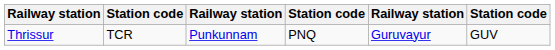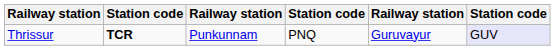 <table class="wikitable sortable">
 <tr>
 <th>Railway station</th>
 <th>Station code</th>
 <th>Railway station</th>
 <th>Station code</th>
 <th>Railway station</th>
 <th>Station code</th>
 </tr>
 <tr>
 <td><a href='#'>Thrissur</a></td>
-<td>TCR</td>
+<td><strong>TCR</strong></td>
 <td><a href='#'>Punkunnam</a></td>
 <td>PNQ</td>
 <td><a href='#'>Guruvayur</a></td>
-<td>GUV</td>
+<td style="background: lavender;">GUV</td>
 </tr>
 </table>
